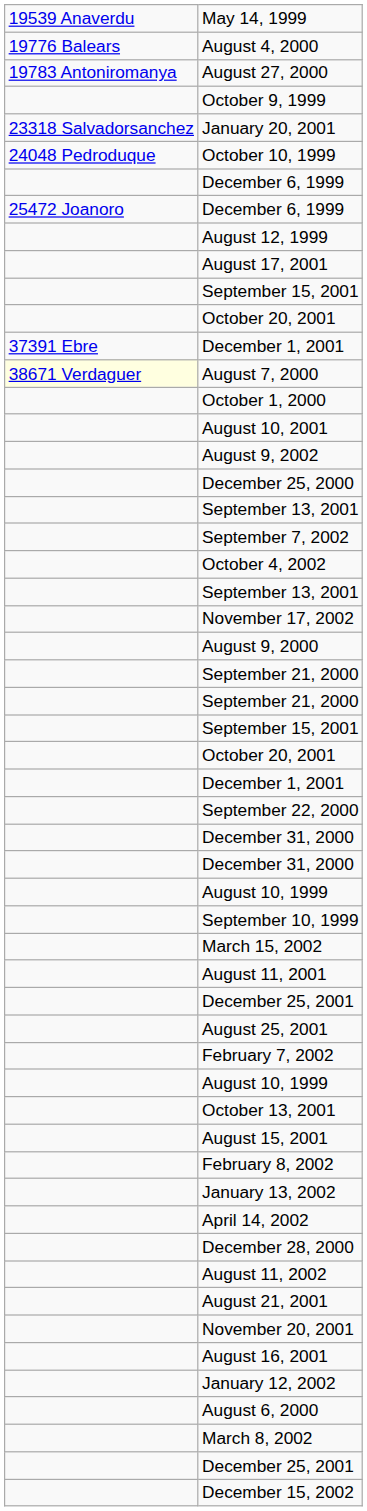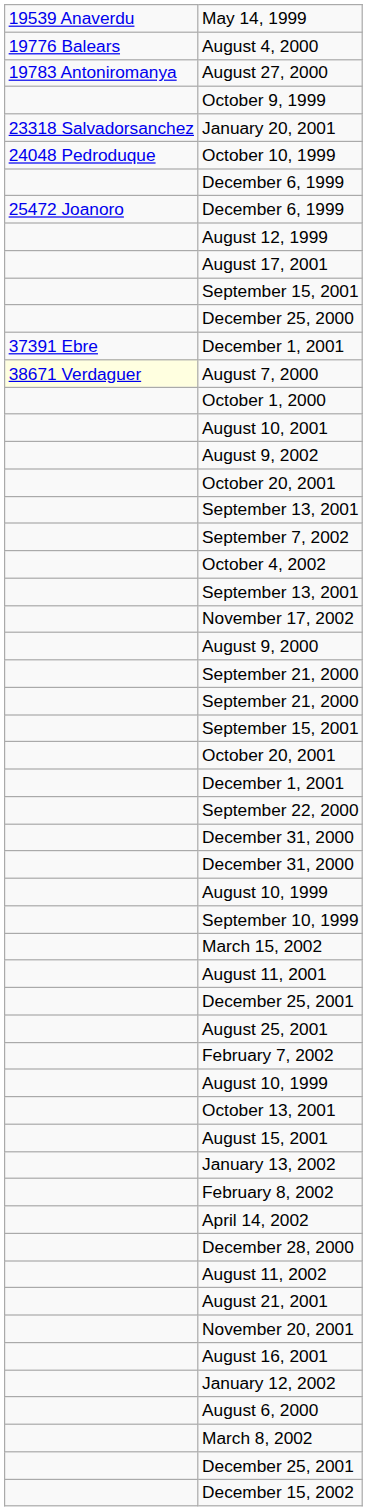 <table class="wikitable floatright" style="font-size: 0.9em;">
 <tr>
 <td><a href='#'>19539 Anaverdu</a></td>
 <td>May 14, 1999</td>
 </tr>
 <tr>
 <td><a href='#'>19776 Balears</a></td>
 <td>August 4, 2000</td>
 </tr>
 <tr>
 <td><a href='#'>19783 Antoniromanya</a></td>
 <td>August 27, 2000</td>
 </tr>
 <tr>
 <td></td>
 <td>October 9, 1999</td>
 </tr>
 <tr>
 <td><a href='#'>23318 Salvadorsanchez</a></td>
 <td>January 20, 2001</td>
 </tr>
 <tr>
 <td><a href='#'>24048 Pedroduque</a></td>
 <td>October 10, 1999</td>
 </tr>
 <tr>
 <td></td>
 <td>December 6, 1999</td>
 </tr>
 <tr>
 <td><a href='#'>25472 Joanoro</a></td>
 <td>December 6, 1999</td>
 </tr>
 <tr>
 <td></td>
 <td>August 12, 1999</td>
 </tr>
 <tr>
 <td></td>
 <td>August 17, 2001</td>
 </tr>
 <tr>
 <td></td>
 <td>September 15, 2001</td>
 </tr>
 <tr>
 <td></td>
-<td>October 20, 2001</td>
+<td>December 25, 2000</td>
 </tr>
 <tr>
 <td><a href='#'>37391 Ebre</a></td>
 <td>December 1, 2001</td>
 </tr>
 <tr>
 <td style="background: lightyellow;"><a href='#'>38671 Verdaguer</a></td>
 <td>August 7, 2000</td>
 </tr>
 <tr>
 <td></td>
 <td>October 1, 2000</td>
 </tr>
 <tr>
 <td></td>
 <td>August 10, 2001</td>
 </tr>
 <tr>
 <td></td>
 <td>August 9, 2002</td>
 </tr>
 <tr>
 <td></td>
-<td>December 25, 2000</td>
+<td>October 20, 2001</td>
 </tr>
 <tr>
 <td></td>
 <td>September 13, 2001</td>
 </tr>
 <tr>
 <td></td>
 <td>September 7, 2002</td>
 </tr>
 <tr>
 <td></td>
 <td>October 4, 2002</td>
 </tr>
 <tr>
 <td></td>
 <td>September 13, 2001</td>
 </tr>
 <tr>
 <td></td>
 <td>November 17, 2002</td>
 </tr>
 <tr>
 <td></td>
 <td>August 9, 2000</td>
 </tr>
 <tr>
 <td></td>
 <td>September 21, 2000</td>
 </tr>
 <tr>
 <td></td>
 <td>September 21, 2000</td>
 </tr>
 <tr>
 <td></td>
 <td>September 15, 2001</td>
 </tr>
 <tr>
 <td></td>
 <td>October 20, 2001</td>
 </tr>
 <tr>
 <td></td>
 <td>December 1, 2001</td>
 </tr>
 <tr>
 <td></td>
 <td>September 22, 2000</td>
 </tr>
 <tr>
 <td></td>
 <td>December 31, 2000</td>
 </tr>
 <tr>
 <td></td>
 <td>December 31, 2000</td>
 </tr>
 <tr>
 <td></td>
 <td>August 10, 1999</td>
 </tr>
 <tr>
 <td></td>
 <td>September 10, 1999</td>
 </tr>
 <tr>
 <td></td>
 <td>March 15, 2002</td>
 </tr>
 <tr>
 <td></td>
 <td>August 11, 2001</td>
 </tr>
 <tr>
 <td></td>
 <td>December 25, 2001</td>
 </tr>
 <tr>
 <td></td>
 <td>August 25, 2001</td>
 </tr>
 <tr>
 <td></td>
 <td>February 7, 2002</td>
 </tr>
 <tr>
 <td></td>
 <td>August 10, 1999</td>
 </tr>
 <tr>
 <td></td>
 <td>October 13, 2001</td>
 </tr>
 <tr>
 <td></td>
 <td>August 15, 2001</td>
 </tr>
 <tr>
 <td></td>
-<td>February 8, 2002</td>
+<td>January 13, 2002</td>
 </tr>
 <tr>
 <td></td>
-<td>January 13, 2002</td>
+<td>February 8, 2002</td>
 </tr>
 <tr>
 <td></td>
 <td>April 14, 2002</td>
 </tr>
 <tr>
 <td></td>
 <td>December 28, 2000</td>
 </tr>
 <tr>
 <td></td>
 <td>August 11, 2002</td>
 </tr>
 <tr>
 <td></td>
 <td>August 21, 2001</td>
 </tr>
 <tr>
 <td></td>
 <td>November 20, 2001</td>
 </tr>
 <tr>
 <td></td>
 <td>August 16, 2001</td>
 </tr>
 <tr>
 <td></td>
 <td>January 12, 2002</td>
 </tr>
 <tr>
 <td></td>
 <td>August 6, 2000</td>
 </tr>
 <tr>
 <td></td>
 <td>March 8, 2002</td>
 </tr>
 <tr>
 <td></td>
 <td>December 25, 2001</td>
 </tr>
 <tr>
 <td></td>
 <td>December 15, 2002</td>
 </tr>
 </table>
